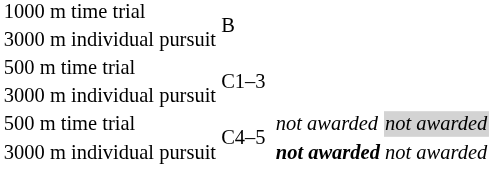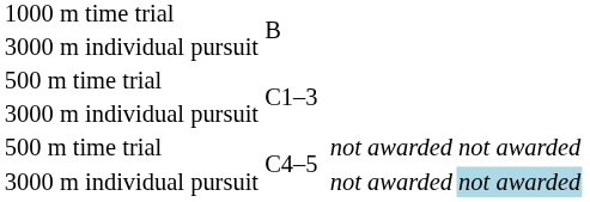 <table>
 <tr>
 <td>1000 m time trial</td>
 <td rowspan=2>B</td>
 <td nowrap></td>
 <td nowrap></td>
 <td></td>
 </tr>
 <tr>
 <td>3000 m individual pursuit</td>
 <td></td>
 <td></td>
 <td nowrap></td>
 </tr>
 <tr>
 <td>500 m time trial</td>
 <td rowspan=2>C1–3</td>
 <td></td>
 <td></td>
 <td></td>
 </tr>
 <tr>
 <td nowrap>3000 m individual pursuit</td>
 <td></td>
 <td></td>
 <td></td>
 </tr>
 <tr>
 <td>500 m time trial</td>
 <td rowspan=2>C4–5</td>
 <td></td>
 <td><em>not awarded</em></td>
-<td style="background: lightgrey;"><em>not awarded</em></td>
+<td><em>not awarded</em></td>
 </tr>
 <tr>
 <td>3000 m individual pursuit</td>
 <td></td>
-<td><strong><em>not awarded</em></strong></td>
 <td><em>not awarded</em></td>
+<td style="background: lightblue;"><em>not awarded</em></td>
 </tr>
 </table>
